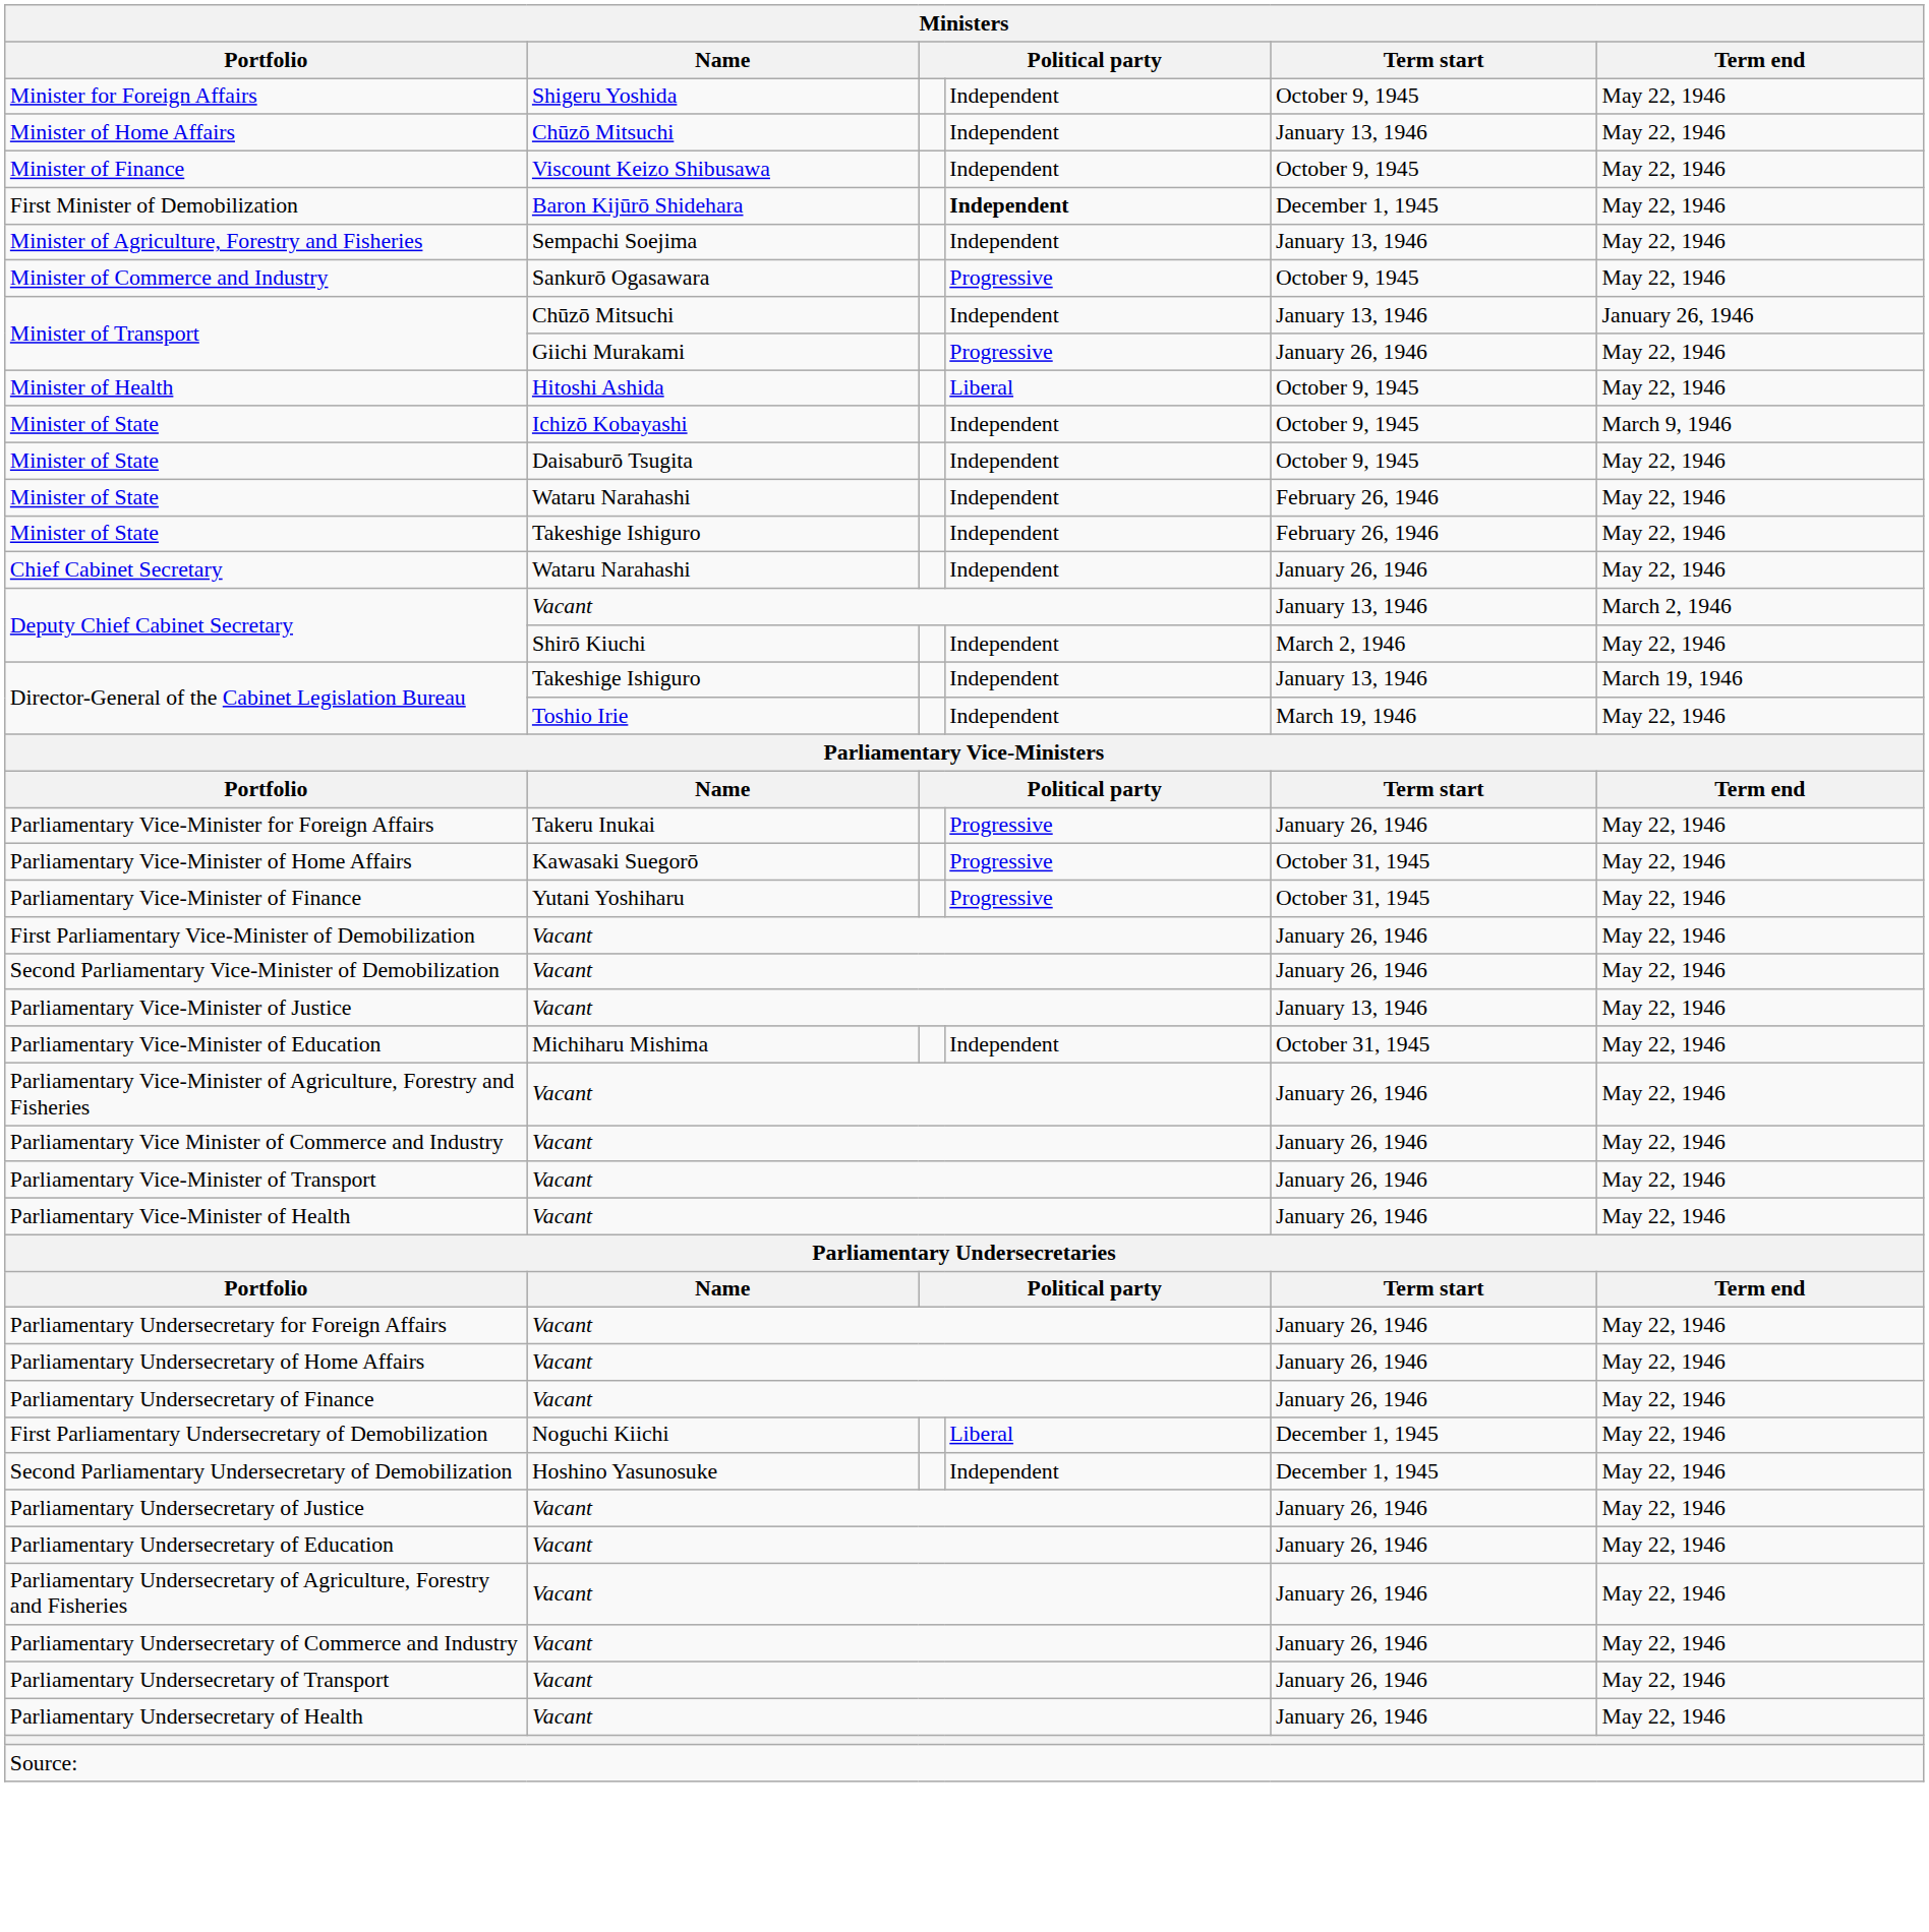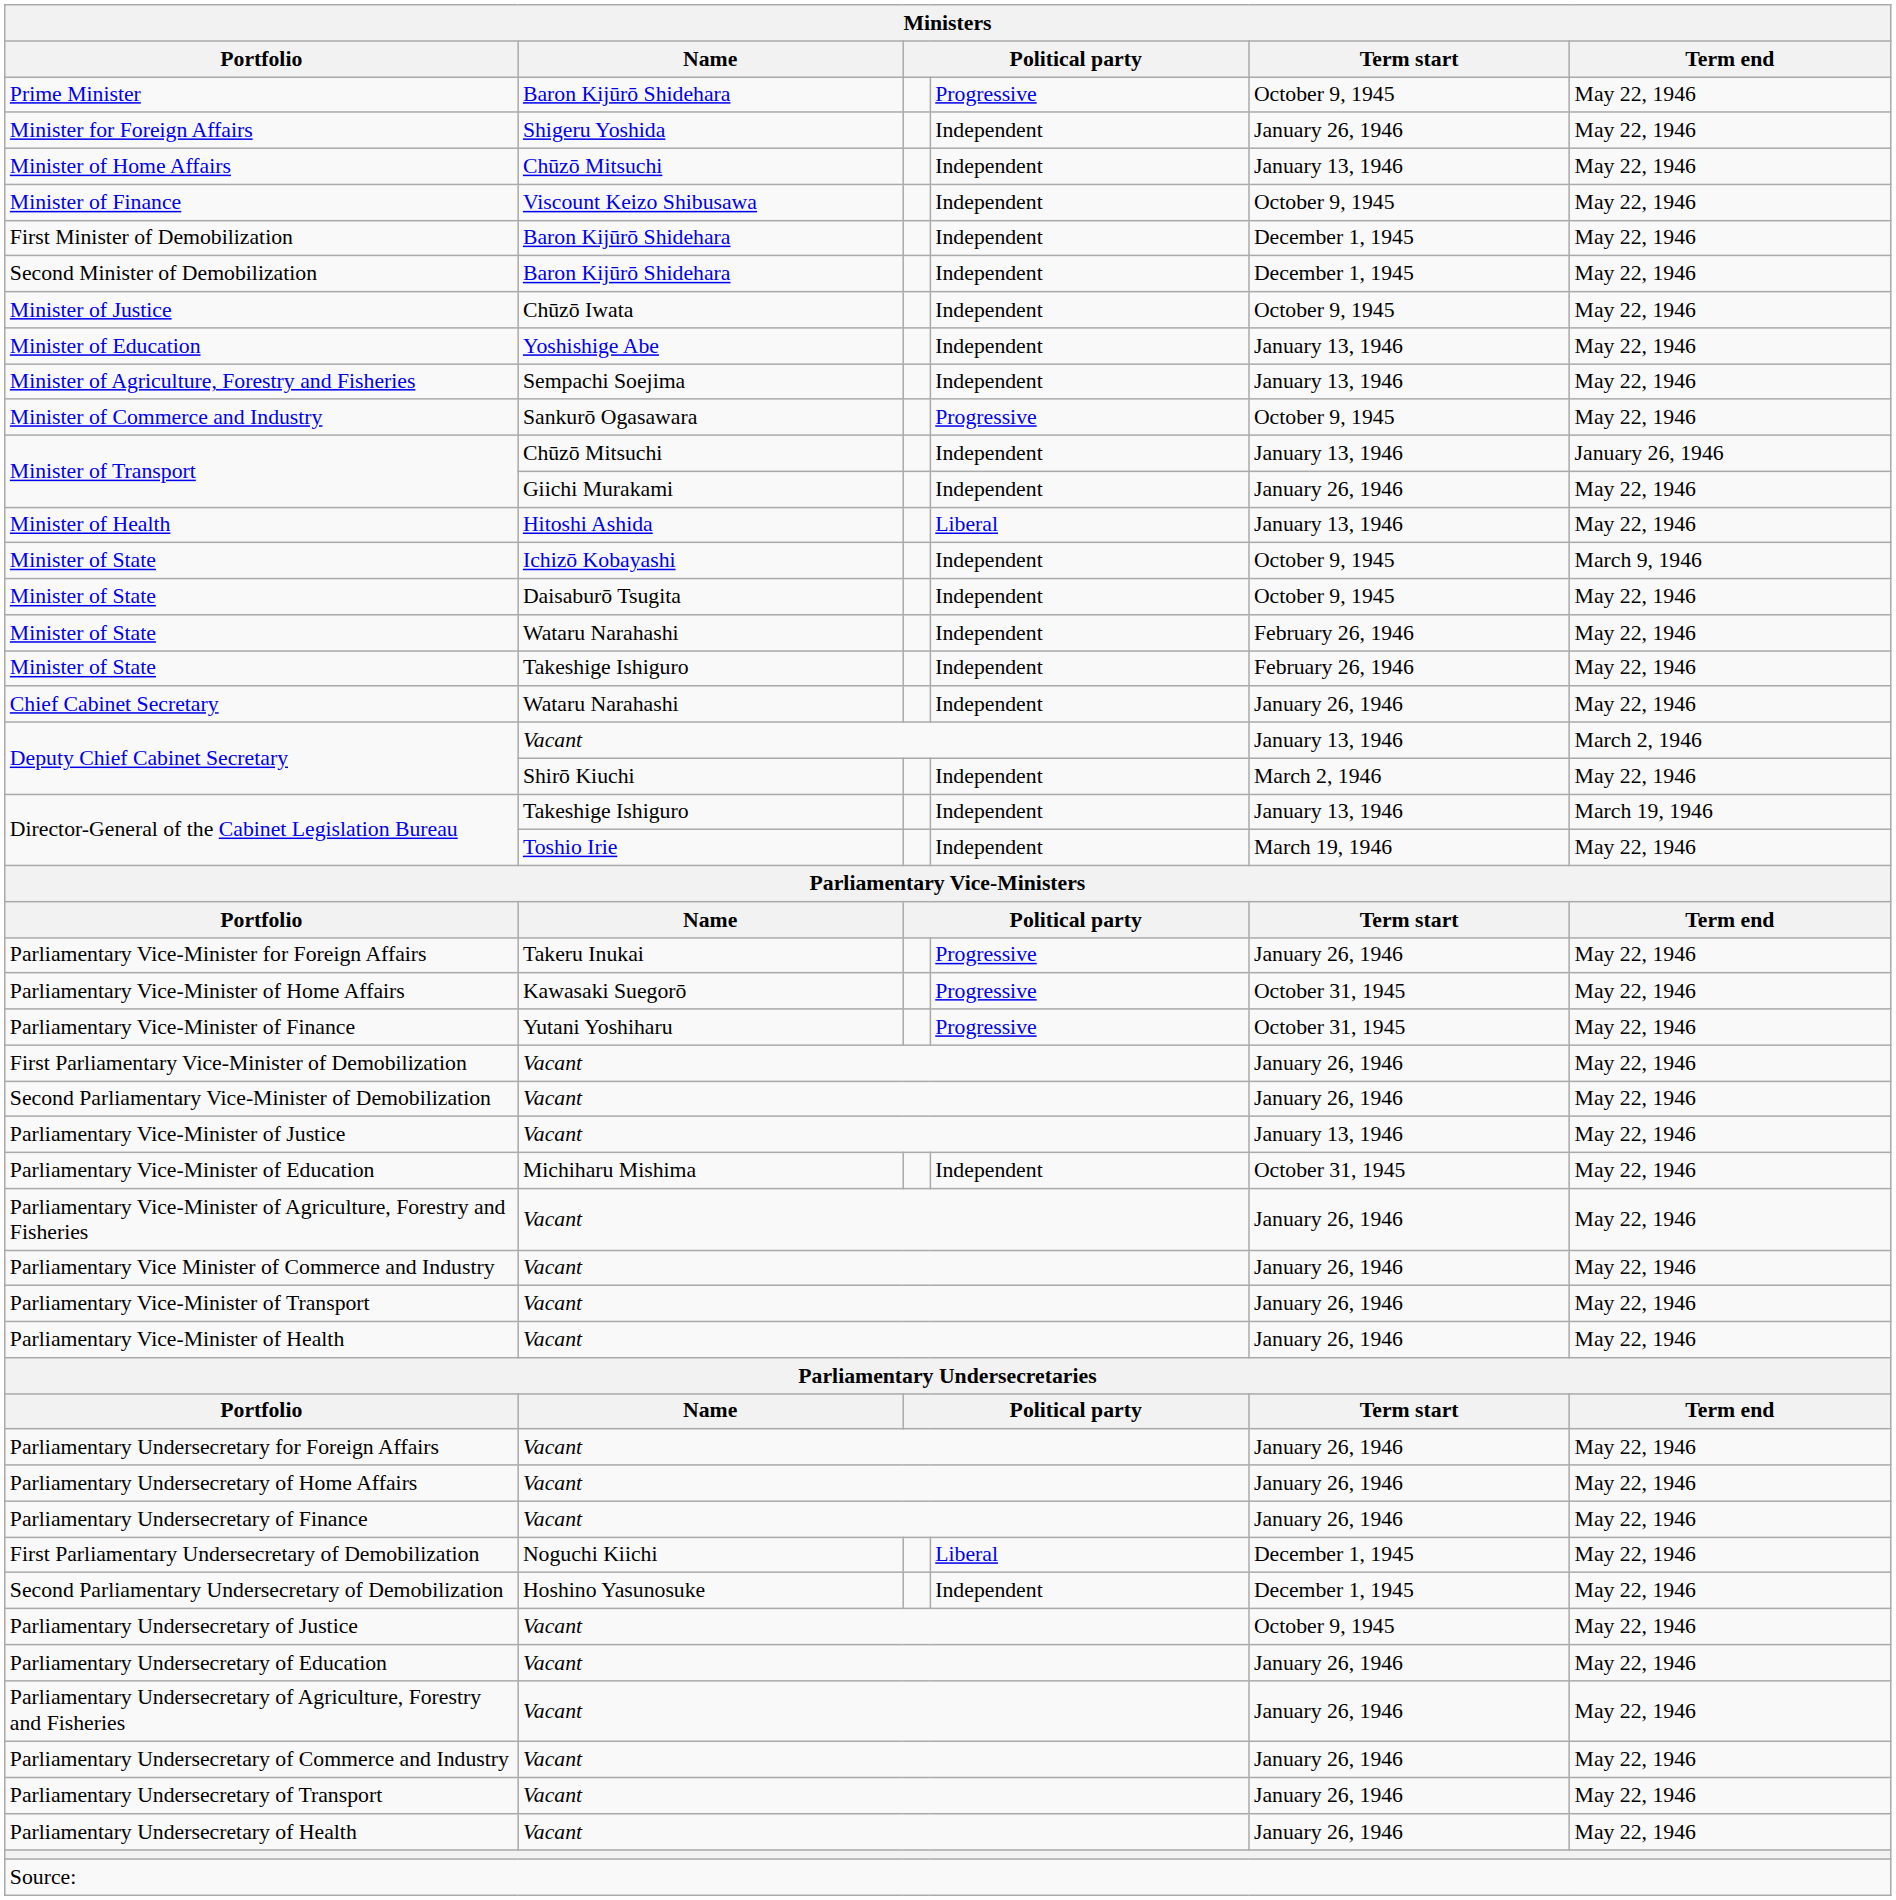 <table class="wikitable unsortable" style="font-size: 90%;">
 <tr>
 <th colspan="6">Ministers</th>
 </tr>
 <tr>
 <th scope="col" width="20%">Portfolio</th>
 <th scope="col" width="15%">Name</th>
 <th colspan="2" scope="col" width="13.5%">Political party</th>
 <th scope="col" width="12.5%">Term start</th>
 <th scope="col" width="12.5%">Term end</th>
 </tr>
 <tr>
+<td><a href='#'>Prime Minister</a></td>
+<td><a href='#'>Baron Kijūrō Shidehara</a></td>
+<td style="background:"></td>
+<td><a href='#'>Progressive</a></td>
+<td>October 9, 1945</td>
+<td>May 22, 1946</td>
+</tr>
+<tr>
 <td><a href='#'>Minister for Foreign Affairs</a></td>
 <td><a href='#'>Shigeru Yoshida</a></td>
 <td style="color:inherit;background:"></td>
 <td>Independent</td>
-<td>October 9, 1945</td>
+<td>January 26, 1946</td>
 <td>May 22, 1946</td>
 </tr>
 <tr>
 <td><a href='#'>Minister of Home Affairs</a></td>
 <td><a href='#'>Chūzō Mitsuchi</a></td>
 <td style="color:inherit;background:"></td>
 <td>Independent</td>
 <td>January 13, 1946</td>
 <td>May 22, 1946</td>
 </tr>
 <tr>
 <td><a href='#'>Minister of Finance</a></td>
 <td><a href='#'>Viscount Keizo Shibusawa</a></td>
 <td style="color:inherit;background:"></td>
 <td>Independent</td>
 <td>October 9, 1945</td>
 <td>May 22, 1946</td>
 </tr>
 <tr>
 <td>First Minister of Demobilization</td>
 <td><a href='#'>Baron Kijūrō Shidehara</a></td>
 <td style="color:inherit;background:"></td>
-<td><strong>Independent</strong></td>
+<td>Independent</td>
 <td>December 1, 1945</td>
+<td>May 22, 1946</td>
+</tr>
+<tr>
+<td>Second Minister of Demobilization</td>
+<td><a href='#'>Baron Kijūrō Shidehara</a></td>
+<td style="color:inherit;background:"></td>
+<td>Independent</td>
+<td>December 1, 1945</td>
+<td>May 22, 1946</td>
+</tr>
+<tr>
+<td><a href='#'>Minister of Justice</a></td>
+<td>Chūzō Iwata</td>
+<td style="color:inherit;background:"></td>
+<td>Independent</td>
+<td>October 9, 1945</td>
+<td>May 22, 1946</td>
+</tr>
+<tr>
+<td><a href='#'>Minister of Education</a></td>
+<td><a href='#'>Yoshishige Abe</a></td>
+<td style="color:inherit;background:"></td>
+<td>Independent</td>
+<td>January 13, 1946</td>
 <td>May 22, 1946</td>
 </tr>
 <tr>
 <td><a href='#'>Minister of Agriculture, Forestry and Fisheries</a></td>
 <td>Sempachi Soejima</td>
 <td style="color:inherit;background:"></td>
 <td>Independent</td>
 <td>January 13, 1946</td>
 <td>May 22, 1946</td>
 </tr>
 <tr>
 <td><a href='#'>Minister of Commerce and Industry</a></td>
 <td>Sankurō Ogasawara</td>
 <td style="color:inherit;background:"></td>
 <td><a href='#'>Progressive</a></td>
 <td>October 9, 1945</td>
 <td>May 22, 1946</td>
 </tr>
 <tr>
 <td rowspan="2"><a href='#'>Minister of Transport</a></td>
 <td>Chūzō Mitsuchi</td>
 <td style="color:inherit;background:"></td>
 <td>Independent</td>
 <td>January 13, 1946</td>
 <td>January 26, 1946</td>
 </tr>
 <tr>
 <td>Giichi Murakami</td>
 <td style="color:inherit;background:"></td>
-<td><a href='#'>Progressive</a></td>
+<td>Independent</td>
 <td>January 26, 1946</td>
 <td>May 22, 1946</td>
 </tr>
 <tr>
 <td><a href='#'>Minister of Health</a></td>
 <td><a href='#'>Hitoshi Ashida</a></td>
 <td style="color:inherit;background:"></td>
 <td><a href='#'>Liberal</a></td>
-<td>October 9, 1945</td>
+<td>January 13, 1946</td>
 <td>May 22, 1946</td>
 </tr>
 <tr>
 <td><a href='#'>Minister of State</a></td>
 <td><a href='#'>Ichizō Kobayashi</a></td>
 <td style="color:inherit;background:"></td>
 <td>Independent</td>
 <td>October 9, 1945</td>
 <td>March 9, 1946</td>
 </tr>
 <tr>
 <td><a href='#'>Minister of State</a></td>
 <td>Daisaburō Tsugita</td>
 <td style="color:inherit;background:"></td>
 <td>Independent</td>
 <td>October 9, 1945</td>
 <td>May 22, 1946</td>
 </tr>
 <tr>
 <td><a href='#'>Minister of State</a></td>
 <td>Wataru Narahashi</td>
 <td style="color:inherit;background:"></td>
 <td>Independent</td>
 <td>February 26, 1946</td>
 <td>May 22, 1946</td>
 </tr>
 <tr>
 <td><a href='#'>Minister of State</a></td>
 <td>Takeshige Ishiguro</td>
 <td style="color:inherit;background:"></td>
 <td>Independent</td>
 <td>February 26, 1946</td>
 <td>May 22, 1946</td>
 </tr>
 <tr>
 <td><a href='#'>Chief Cabinet Secretary</a></td>
 <td>Wataru Narahashi</td>
 <td style="color:inherit;background:"></td>
 <td>Independent</td>
 <td>January 26, 1946</td>
 <td>May 22, 1946</td>
 </tr>
 <tr>
 <td rowspan="2"><a href='#'>Deputy Chief Cabinet Secretary</a></td>
 <td colspan="3"><em>Vacant</em></td>
 <td>January 13, 1946</td>
 <td>March 2, 1946</td>
 </tr>
 <tr>
 <td>Shirō Kiuchi</td>
 <td style="color:inherit;background:"></td>
 <td>Independent</td>
 <td>March 2, 1946</td>
 <td>May 22, 1946</td>
 </tr>
 <tr>
 <td rowspan="2">Director-General of the <a href='#'>Cabinet Legislation Bureau</a></td>
 <td>Takeshige Ishiguro</td>
 <td style="color:inherit;background:"></td>
 <td>Independent</td>
 <td>January 13, 1946</td>
 <td>March 19, 1946</td>
 </tr>
 <tr>
 <td><a href='#'>Toshio Irie</a></td>
 <td style="color:inherit;background:"></td>
 <td>Independent</td>
 <td>March 19, 1946</td>
 <td>May 22, 1946</td>
 </tr>
 <tr>
 <th colspan="6">Parliamentary Vice-Ministers</th>
 </tr>
 <tr>
 <th>Portfolio</th>
 <th>Name</th>
 <th colspan="2">Political party</th>
 <th>Term start</th>
 <th>Term end</th>
 </tr>
 <tr>
 <td>Parliamentary Vice-Minister for Foreign Affairs</td>
 <td>Takeru Inukai</td>
 <td style="color:inherit;background:"></td>
 <td><a href='#'>Progressive</a></td>
 <td>January 26, 1946</td>
 <td>May 22, 1946</td>
 </tr>
 <tr>
 <td>Parliamentary Vice-Minister of Home Affairs</td>
 <td>Kawasaki Suegorō</td>
 <td style="color:inherit;background:"></td>
 <td><a href='#'>Progressive</a></td>
 <td>October 31, 1945</td>
 <td>May 22, 1946</td>
 </tr>
 <tr>
 <td>Parliamentary Vice-Minister of Finance</td>
 <td>Yutani Yoshiharu</td>
 <td style="color:inherit;background:"></td>
 <td><a href='#'>Progressive</a></td>
 <td>October 31, 1945</td>
 <td>May 22, 1946</td>
 </tr>
 <tr>
 <td>First Parliamentary Vice-Minister of Demobilization</td>
 <td colspan="3"><em>Vacant</em></td>
 <td>January 26, 1946</td>
 <td>May 22, 1946</td>
 </tr>
 <tr>
 <td>Second Parliamentary Vice-Minister of Demobilization</td>
 <td colspan="3"><em>Vacant</em></td>
 <td>January 26, 1946</td>
 <td>May 22, 1946</td>
 </tr>
 <tr>
 <td>Parliamentary Vice-Minister of Justice</td>
 <td colspan="3"><em>Vacant</em></td>
 <td>January 13, 1946</td>
 <td>May 22, 1946</td>
 </tr>
 <tr>
 <td>Parliamentary Vice-Minister of Education</td>
 <td>Michiharu Mishima</td>
 <td style="color:inherit;background:"></td>
 <td>Independent</td>
 <td>October 31, 1945</td>
 <td>May 22, 1946</td>
 </tr>
 <tr>
 <td>Parliamentary Vice-Minister of Agriculture, Forestry and Fisheries</td>
 <td colspan="3"><em>Vacant</em></td>
 <td>January 26, 1946</td>
 <td>May 22, 1946</td>
 </tr>
 <tr>
 <td>Parliamentary Vice Minister of Commerce and Industry</td>
 <td colspan="3"><em>Vacant</em></td>
 <td>January 26, 1946</td>
 <td>May 22, 1946</td>
 </tr>
 <tr>
 <td>Parliamentary Vice-Minister of Transport</td>
 <td colspan="3"><em>Vacant</em></td>
 <td>January 26, 1946</td>
 <td>May 22, 1946</td>
 </tr>
 <tr>
 <td>Parliamentary Vice-Minister of Health</td>
 <td colspan="3"><em>Vacant</em></td>
 <td>January 26, 1946</td>
 <td>May 22, 1946</td>
 </tr>
 <tr>
 <th colspan="6">Parliamentary Undersecretaries</th>
 </tr>
 <tr>
 <th>Portfolio</th>
 <th>Name</th>
 <th colspan="2">Political party</th>
 <th>Term start</th>
 <th>Term end</th>
 </tr>
 <tr>
 <td>Parliamentary Undersecretary for Foreign Affairs</td>
 <td colspan="3"><em>Vacant</em></td>
 <td>January 26, 1946</td>
 <td>May 22, 1946</td>
 </tr>
 <tr>
 <td>Parliamentary Undersecretary of Home Affairs</td>
 <td colspan="3"><em>Vacant</em></td>
 <td>January 26, 1946</td>
 <td>May 22, 1946</td>
 </tr>
 <tr>
 <td>Parliamentary Undersecretary of Finance</td>
 <td colspan="3"><em>Vacant</em></td>
 <td>January 26, 1946</td>
 <td>May 22, 1946</td>
 </tr>
 <tr>
 <td>First Parliamentary Undersecretary of Demobilization</td>
 <td>Noguchi Kiichi</td>
 <td style="color:inherit;background:"></td>
 <td><a href='#'>Liberal</a></td>
 <td>December 1, 1945</td>
 <td>May 22, 1946</td>
 </tr>
 <tr>
 <td>Second Parliamentary Undersecretary of Demobilization</td>
 <td>Hoshino Yasunosuke</td>
 <td style="color:inherit;background:"></td>
 <td>Independent</td>
 <td>December 1, 1945</td>
 <td>May 22, 1946</td>
 </tr>
 <tr>
 <td>Parliamentary Undersecretary of Justice</td>
 <td colspan="3"><em>Vacant</em></td>
-<td>January 26, 1946</td>
+<td>October 9, 1945</td>
 <td>May 22, 1946</td>
 </tr>
 <tr>
 <td>Parliamentary Undersecretary of Education</td>
 <td colspan="3"><em>Vacant</em></td>
 <td>January 26, 1946</td>
 <td>May 22, 1946</td>
 </tr>
 <tr>
 <td>Parliamentary Undersecretary of Agriculture, Forestry and Fisheries</td>
 <td colspan="3"><em>Vacant</em></td>
 <td>January 26, 1946</td>
 <td>May 22, 1946</td>
 </tr>
 <tr>
 <td>Parliamentary Undersecretary of Commerce and Industry</td>
 <td colspan="3"><em>Vacant</em></td>
 <td>January 26, 1946</td>
 <td>May 22, 1946</td>
 </tr>
 <tr>
 <td>Parliamentary Undersecretary of Transport</td>
 <td colspan="3"><em>Vacant</em></td>
 <td>January 26, 1946</td>
 <td>May 22, 1946</td>
 </tr>
 <tr>
 <td>Parliamentary Undersecretary of Health</td>
 <td colspan="3"><em>Vacant</em></td>
 <td>January 26, 1946</td>
 <td>May 22, 1946</td>
 </tr>
 <tr>
 <th colspan="6"></th>
 </tr>
 <tr>
 <td colspan="6">Source:</td>
 </tr>
 </table>
